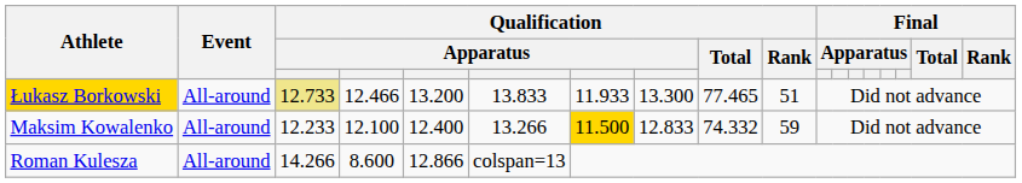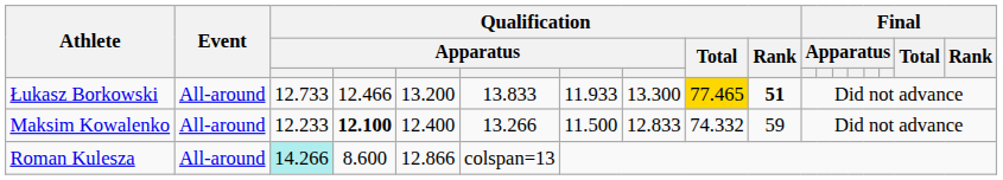 <table class="wikitable" style="font-size:90%">
 <tr>
 <th rowspan=3>Athlete</th>
 <th rowspan=3>Event</th>
 <th colspan =8>Qualification</th>
 <th colspan =8>Final</th>
 </tr>
 <tr style="font-size:95%">
 <th colspan=6>Apparatus</th>
 <th rowspan=2>Total</th>
 <th rowspan=2>Rank</th>
 <th colspan=6>Apparatus</th>
 <th rowspan=2>Total</th>
 <th rowspan=2>Rank</th>
 </tr>
 <tr style="font-size:95%">
 <th></th>
 <th></th>
 <th></th>
 <th></th>
 <th></th>
 <th></th>
 <th></th>
 <th></th>
 <th></th>
 <th></th>
 <th></th>
 <th></th>
 </tr>
 <tr align=center>
-<td align=left style="background: gold;"><a href='#'>Łukasz Borkowski</a></td>
+<td align=left><a href='#'>Łukasz Borkowski</a></td>
 <td align=left><a href='#'>All-around</a></td>
-<td style="background: khaki;">12.733</td>
+<td>12.733</td>
 <td>12.466</td>
 <td>13.200</td>
 <td>13.833</td>
 <td>11.933</td>
 <td>13.300</td>
-<td>77.465</td>
-<td>51</td>
+<td style="background: gold;">77.465</td>
+<td><strong>51</strong></td>
 <td colspan=8>Did not advance</td>
 </tr>
 <tr align=center>
 <td align=left><a href='#'>Maksim Kowalenko</a></td>
 <td align=left><a href='#'>All-around</a></td>
 <td>12.233</td>
-<td>12.100</td>
+<td><strong>12.100</strong></td>
 <td>12.400</td>
 <td>13.266</td>
-<td style="background: gold;">11.500</td>
+<td>11.500</td>
 <td>12.833</td>
 <td>74.332</td>
 <td>59</td>
 <td colspan=8>Did not advance</td>
 </tr>
 <tr align=center>
 <td align=left><a href='#'>Roman Kulesza</a></td>
 <td align=left><a href='#'>All-around</a></td>
-<td>14.266</td>
+<td style="background: paleturquoise;">14.266</td>
 <td>8.600</td>
 <td>12.866</td>
 <td>colspan=13 </td>
 </tr>
 </table>
